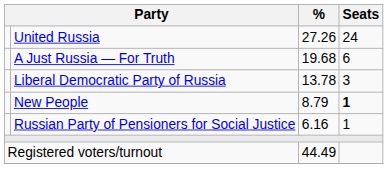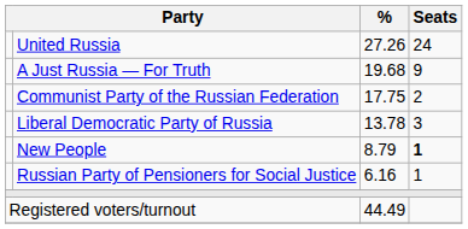 <table class="wikitable">
 <tr>
 <th colspan=2>Party</th>
 <th>%</th>
 <th>Seats</th>
 </tr>
 <tr>
 <td style="background:"></td>
 <td><a href='#'>United Russia</a></td>
 <td>27.26</td>
 <td>24</td>
 </tr>
 <tr>
 <td style="background:"></td>
 <td><a href='#'>A Just Russia — For Truth</a></td>
 <td>19.68</td>
-<td>6</td>
+<td>9</td>
+</tr>
+<tr>
+<td style="background:"></td>
+<td><a href='#'>Communist Party of the Russian Federation</a></td>
+<td>17.75</td>
+<td>2</td>
 </tr>
 <tr>
 <td style="background:"></td>
 <td><a href='#'>Liberal Democratic Party of Russia</a></td>
 <td>13.78</td>
 <td>3</td>
 </tr>
 <tr>
 <td style="background:"></td>
 <td><a href='#'>New People</a></td>
 <td>8.79</td>
 <td><strong>1</strong></td>
 </tr>
 <tr>
 <td style="background:"></td>
 <td><a href='#'>Russian Party of Pensioners for Social Justice</a></td>
 <td>6.16</td>
 <td>1</td>
 </tr>
 <tr>
 <td colspan=4 style="background:#E9E9E9;"></td>
 </tr>
 <tr>
 <td align=left colspan=2>Registered voters/turnout</td>
 <td>44.49</td>
 <td></td>
 </tr>
 <tr>
 </tr>
 </table>
